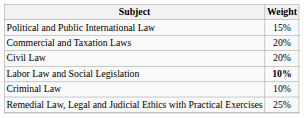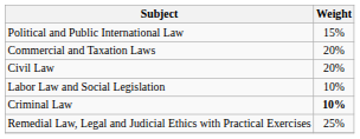 <table class="wikitable sortable">
 <tr>
 <th>Subject</th>
 <th>Weight</th>
 </tr>
 <tr>
 <td>Political and Public International Law</td>
 <td align="center">15%</td>
 </tr>
 <tr>
 <td>Commercial and Taxation Laws</td>
 <td align="center">20%</td>
 </tr>
 <tr>
 <td>Civil Law</td>
 <td align="center">20%</td>
 </tr>
 <tr>
 <td>Labor Law and Social Legislation</td>
-<td align="center"><strong>10%</strong></td>
+<td align="center">10%</td>
 </tr>
 <tr>
 <td>Criminal Law</td>
-<td align="center">10%</td>
+<td align="center"><strong>10%</strong></td>
 </tr>
 <tr>
 <td>Remedial Law, Legal and Judicial Ethics with Practical Exercises</td>
 <td align="center">25%</td>
 </tr>
 <tr>
 </tr>
 </table>
